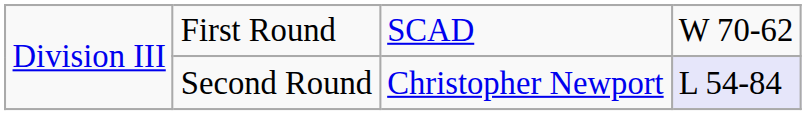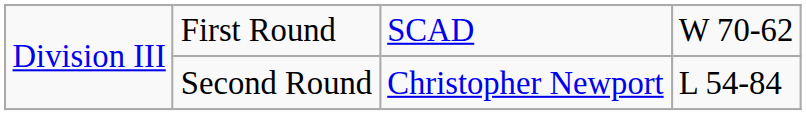 <table class="wikitable">
 <tr>
 <td rowspan="3"><a href='#'>Division III</a></td>
 <td>First Round</td>
 <td><a href='#'>SCAD</a></td>
 <td>W 70-62</td>
 </tr>
 <tr>
 <td>Second Round</td>
 <td><a href='#'>Christopher Newport</a></td>
-<td style="background: lavender;">L 54-84</td>
+<td>L 54-84</td>
 </tr>
 </table>
